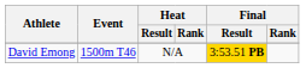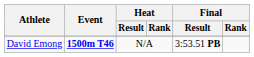 <table class="wikitable" style="font-size:90%";text-align:center>
 <tr>
 <th rowspan="2">Athlete</th>
 <th rowspan="2">Event</th>
 <th colspan="2">Heat</th>
 <th colspan="2">Final</th>
 </tr>
 <tr style="font-size:95%">
 <th>Result</th>
 <th>Rank</th>
 <th>Result</th>
 <th>Rank</th>
 </tr>
 <tr>
 </tr>
 <tr align=center>
 <td><a href='#'>David Emong</a></td>
-<td><a href='#'>1500m T46</a></td>
+<td><strong><a href='#'>1500m T46</a></strong></td>
 <td colspan="2">N/A</td>
-<td style="background: gold;">3:53.51 <strong>PB</strong></td>
+<td>3:53.51 <strong>PB</strong></td>
 <td></td>
 </tr>
 </table>
